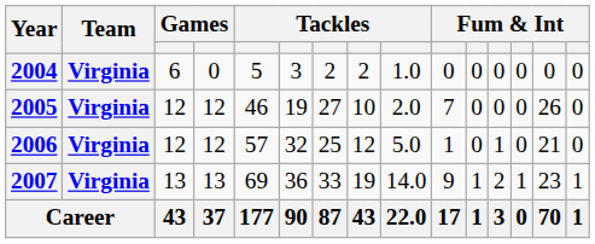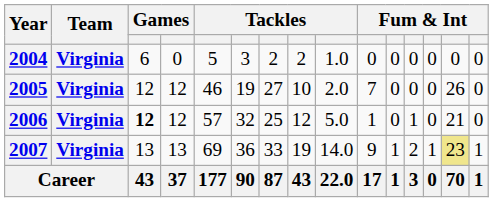 <table class="wikitable" style="text-align: center;">
 <tr>
 <th rowspan="2">Year</th>
 <th rowspan="2">Team</th>
 <th colspan="2">Games</th>
 <th colspan="5">Tackles</th>
 <th colspan="6">Fum & Int</th>
 </tr>
 <tr>
 <th></th>
 <th></th>
 <th></th>
 <th></th>
 <th></th>
 <th></th>
 <th></th>
 <th></th>
 <th></th>
 <th></th>
 <th></th>
 <th></th>
 <th></th>
 </tr>
 <tr>
 <th><a href='#'>2004</a></th>
 <th><a href='#'>Virginia</a></th>
 <td>6</td>
 <td>0</td>
 <td>5</td>
 <td>3</td>
 <td>2</td>
 <td>2</td>
 <td>1.0</td>
 <td>0</td>
 <td>0</td>
 <td>0</td>
 <td>0</td>
 <td>0</td>
 <td>0</td>
 </tr>
 <tr>
 <th><a href='#'>2005</a></th>
 <th><a href='#'>Virginia</a></th>
 <td>12</td>
 <td>12</td>
 <td>46</td>
 <td>19</td>
 <td>27</td>
 <td>10</td>
 <td>2.0</td>
 <td>7</td>
 <td>0</td>
 <td>0</td>
 <td>0</td>
 <td>26</td>
 <td>0</td>
 </tr>
 <tr>
 <th><a href='#'>2006</a></th>
 <th><a href='#'>Virginia</a></th>
-<td>12</td>
+<td><strong>12</strong></td>
 <td>12</td>
 <td>57</td>
 <td>32</td>
 <td>25</td>
 <td>12</td>
 <td>5.0</td>
 <td>1</td>
 <td>0</td>
 <td>1</td>
 <td>0</td>
 <td>21</td>
 <td>0</td>
 </tr>
 <tr>
 <th><a href='#'>2007</a></th>
 <th><a href='#'>Virginia</a></th>
 <td>13</td>
 <td>13</td>
 <td>69</td>
 <td>36</td>
 <td>33</td>
 <td>19</td>
 <td>14.0</td>
 <td>9</td>
 <td>1</td>
 <td>2</td>
 <td>1</td>
-<td>23</td>
+<td style="background: khaki;">23</td>
 <td>1</td>
 </tr>
 <tr>
 <th colspan="2">Career</th>
 <th>43</th>
 <th>37</th>
 <th>177</th>
 <th>90</th>
 <th>87</th>
 <th>43</th>
 <th>22.0</th>
 <th>17</th>
 <th>1</th>
 <th>3</th>
 <th>0</th>
 <th>70</th>
 <th>1</th>
 </tr>
 </table>
